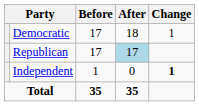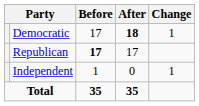 <table class="wikitable" style="text-align:center;">
 <tr>
 <th colspan="2">Party</th>
 <th>Before</th>
 <th>After</th>
 <th>Change</th>
 </tr>
 <tr>
 <th style="background-color:"></th>
 <td style="text-align:left;"><a href='#'>Democratic</a></td>
 <td>17</td>
-<td>18</td>
+<td><strong>18</strong></td>
 <td> 1</td>
 </tr>
 <tr>
 <th style="background-color:"></th>
 <td style="text-align:left;"><a href='#'>Republican</a></td>
+<td><strong>17</strong></td>
 <td>17</td>
-<td style="background: lightblue;">17</td>
 <td></td>
 </tr>
 <tr>
 <th style="background-color:"></th>
 <td style="text-align:left;"><a href='#'>Independent</a></td>
 <td>1</td>
 <td>0</td>
-<td><strong> 1</strong></td>
+<td> 1</td>
 </tr>
 <tr>
 <td colspan="2"><strong>Total</strong></td>
 <td><strong>35</strong></td>
 <td><strong>35</strong></td>
 <td></td>
 </tr>
 </table>
